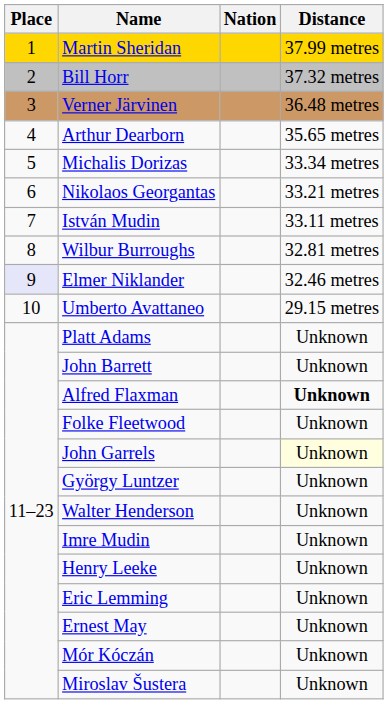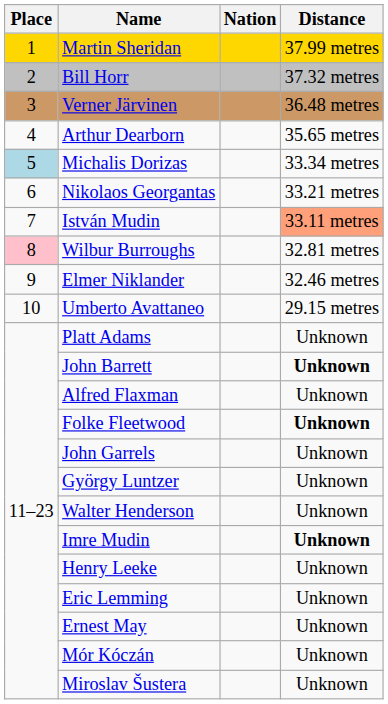 <table class=wikitable>
 <tr>
 <th>Place</th>
 <th>Name</th>
 <th>Nation</th>
 <th>Distance</th>
 </tr>
 <tr bgcolor=gold>
 <td align=center>1</td>
 <td><a href='#'>Martin Sheridan</a></td>
 <td></td>
 <td align=center>37.99 metres</td>
 </tr>
 <tr bgcolor=silver>
 <td align=center>2</td>
 <td><a href='#'>Bill Horr</a></td>
 <td></td>
 <td align=center>37.32 metres</td>
 </tr>
 <tr bgcolor=cc9966>
 <td align=center>3</td>
 <td><a href='#'>Verner Järvinen</a></td>
 <td></td>
 <td align=center>36.48 metres</td>
 </tr>
 <tr>
 <td align=center>4</td>
 <td><a href='#'>Arthur Dearborn</a></td>
 <td></td>
 <td align=center>35.65 metres</td>
 </tr>
 <tr>
-<td align=center>5</td>
+<td align=center style="background: lightblue;">5</td>
 <td><a href='#'>Michalis Dorizas</a></td>
 <td></td>
 <td align=center>33.34 metres</td>
 </tr>
 <tr>
 <td align=center>6</td>
 <td><a href='#'>Nikolaos Georgantas</a></td>
 <td></td>
 <td align=center>33.21 metres</td>
 </tr>
 <tr>
 <td align=center>7</td>
 <td><a href='#'>István Mudin</a></td>
 <td></td>
-<td align=center>33.11 metres</td>
+<td align=center style="background: lightsalmon;">33.11 metres</td>
 </tr>
 <tr>
-<td align=center>8</td>
+<td align=center style="background: pink;">8</td>
 <td><a href='#'>Wilbur Burroughs</a></td>
 <td></td>
 <td align=center>32.81 metres</td>
 </tr>
 <tr>
-<td align=center style="background: lavender;">9</td>
+<td align=center>9</td>
 <td><a href='#'>Elmer Niklander</a></td>
 <td></td>
 <td align=center>32.46 metres</td>
 </tr>
 <tr>
 <td align=center>10</td>
 <td><a href='#'>Umberto Avattaneo</a></td>
 <td></td>
 <td align=center>29.15 metres</td>
 </tr>
 <tr>
 <td align=center rowspan=13>11–23</td>
 <td><a href='#'>Platt Adams</a></td>
 <td></td>
 <td align=center>Unknown</td>
 </tr>
 <tr>
 <td><a href='#'>John Barrett</a></td>
 <td></td>
-<td align=center>Unknown</td>
+<td align=center><strong>Unknown</strong></td>
 </tr>
 <tr>
 <td><a href='#'>Alfred Flaxman</a></td>
 <td></td>
-<td align=center><strong>Unknown</strong></td>
+<td align=center>Unknown</td>
 </tr>
 <tr>
 <td><a href='#'>Folke Fleetwood</a></td>
 <td></td>
-<td align=center>Unknown</td>
+<td align=center><strong>Unknown</strong></td>
 </tr>
 <tr>
 <td><a href='#'>John Garrels</a></td>
 <td></td>
-<td align=center style="background: lightyellow;">Unknown</td>
+<td align=center>Unknown</td>
 </tr>
 <tr>
 <td><a href='#'>György Luntzer</a></td>
 <td></td>
 <td align=center>Unknown</td>
 </tr>
 <tr>
 <td><a href='#'>Walter Henderson</a></td>
 <td></td>
 <td align=center>Unknown</td>
 </tr>
 <tr>
 <td><a href='#'>Imre Mudin</a></td>
 <td></td>
-<td align=center>Unknown</td>
+<td align=center><strong>Unknown</strong></td>
 </tr>
 <tr>
 <td><a href='#'>Henry Leeke</a></td>
 <td></td>
 <td align=center>Unknown</td>
 </tr>
 <tr>
 <td><a href='#'>Eric Lemming</a></td>
 <td></td>
 <td align=center>Unknown</td>
 </tr>
 <tr>
 <td><a href='#'>Ernest May</a></td>
 <td></td>
 <td align=center>Unknown</td>
 </tr>
 <tr>
 <td><a href='#'>Mór Kóczán</a></td>
 <td></td>
 <td align=center>Unknown</td>
 </tr>
 <tr>
 <td><a href='#'>Miroslav Šustera</a></td>
 <td></td>
 <td align=center>Unknown</td>
 </tr>
 </table>
